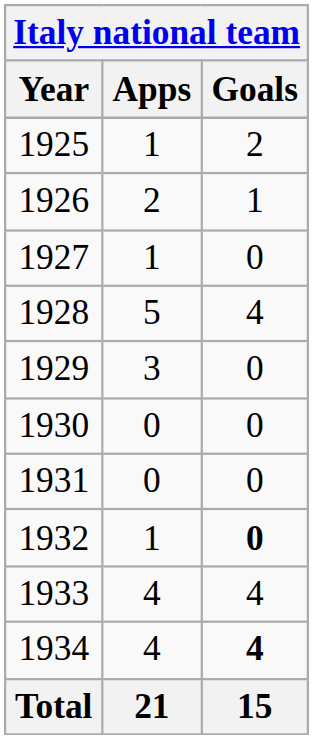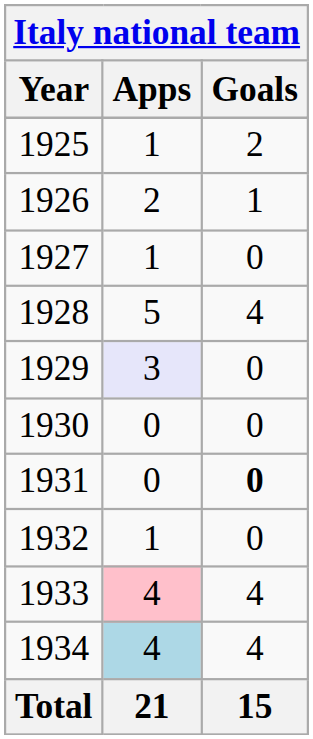 <table class="wikitable" style="text-align:center">
 <tr>
 <th colspan=3><a href='#'>Italy national team</a></th>
 </tr>
 <tr>
 <th>Year</th>
 <th>Apps</th>
 <th>Goals</th>
 </tr>
 <tr>
 </tr>
 <tr>
 <td>1925</td>
 <td>1</td>
 <td>2</td>
 </tr>
 <tr>
 <td>1926</td>
 <td>2</td>
 <td>1</td>
 </tr>
 <tr>
 <td>1927</td>
 <td>1</td>
 <td>0</td>
 </tr>
 <tr>
 <td>1928</td>
 <td>5</td>
 <td>4</td>
 </tr>
 <tr>
 <td>1929</td>
-<td>3</td>
+<td style="background: lavender;">3</td>
 <td>0</td>
 </tr>
 <tr>
 <td>1930</td>
 <td>0</td>
 <td>0</td>
 </tr>
 <tr>
 <td>1931</td>
 <td>0</td>
-<td>0</td>
+<td><strong>0</strong></td>
 </tr>
 <tr>
 <td>1932</td>
 <td>1</td>
-<td><strong>0</strong></td>
+<td>0</td>
 </tr>
 <tr>
 <td>1933</td>
-<td>4</td>
+<td style="background: pink;">4</td>
 <td>4</td>
 </tr>
 <tr>
 <td>1934</td>
+<td style="background: lightblue;">4</td>
 <td>4</td>
-<td><strong>4</strong></td>
 </tr>
 <tr>
 <th>Total</th>
 <th>21</th>
 <th>15</th>
 </tr>
 </table>
